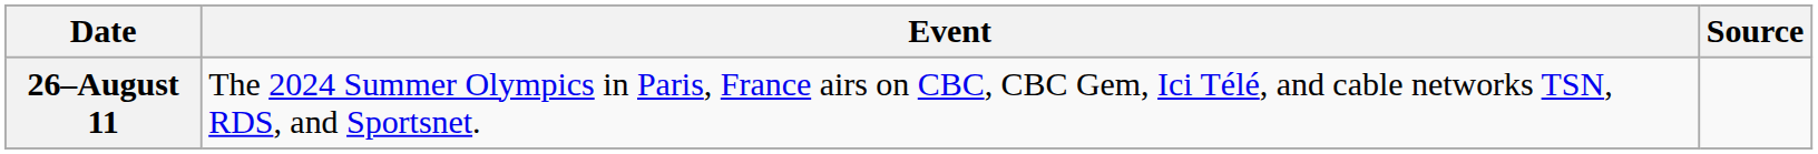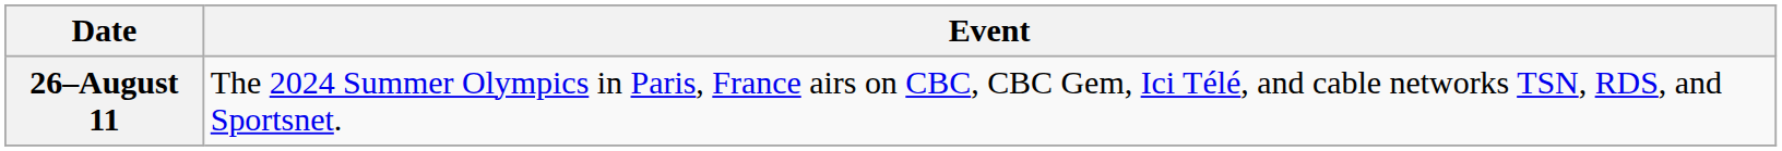 <table class="wikitable">
 <tr>
 <th>Date</th>
 <th>Event</th>
-<th>Source</th>
 </tr>
 <tr>
 <th>26–August 11</th>
 <td>The <a href='#'>2024 Summer Olympics</a> in <a href='#'>Paris</a>, <a href='#'>France</a> airs on <a href='#'>CBC</a>, CBC Gem, <a href='#'>Ici Télé</a>, and cable networks <a href='#'>TSN</a>, <a href='#'>RDS</a>, and <a href='#'>Sportsnet</a>.</td>
-<td></td>
 </tr>
 </table>
